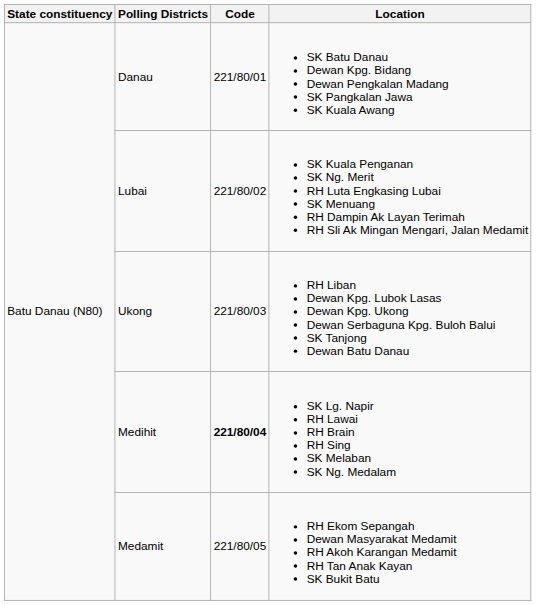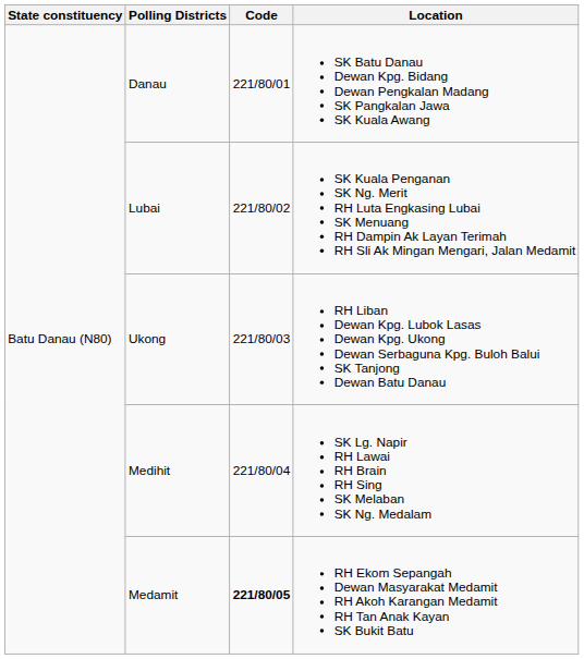 <table class="wikitable sortable mw-collapsible" style="white-space:nowrap;font-size:85%">
 <tr>
 <th>State constituency</th>
 <th>Polling Districts</th>
 <th>Code</th>
 <th>Location</th>
 </tr>
 <tr>
 <td rowspan="5">Batu Danau (N80)</td>
 <td>Danau</td>
 <td>221/80/01</td>
 <td><br><ul><li>SK Batu Danau</li><li>Dewan Kpg. Bidang</li><li>Dewan Pengkalan Madang</li><li>SK Pangkalan Jawa</li><li>SK Kuala Awang</li></ul></td>
 </tr>
 <tr>
 <td>Lubai</td>
 <td>221/80/02</td>
 <td><br><ul><li>SK Kuala Penganan</li><li>SK Ng. Merit</li><li>RH Luta Engkasing Lubai</li><li>SK Menuang</li><li>RH Dampin Ak Layan Terimah</li><li>RH Sli Ak Mingan Mengari, Jalan Medamit</li></ul></td>
 </tr>
 <tr>
 <td>Ukong</td>
 <td>221/80/03</td>
 <td><br><ul><li>RH Liban</li><li>Dewan Kpg. Lubok Lasas</li><li>Dewan Kpg. Ukong</li><li>Dewan Serbaguna Kpg. Buloh Balui</li><li>SK Tanjong</li><li>Dewan Batu Danau</li></ul></td>
 </tr>
 <tr>
 <td>Medihit</td>
-<td><strong>221/80/04</strong></td>
+<td>221/80/04</td>
 <td><br><ul><li>SK Lg. Napir</li><li>RH Lawai</li><li>RH Brain</li><li>RH Sing</li><li>SK Melaban</li><li>SK Ng. Medalam</li></ul></td>
 </tr>
 <tr>
 <td>Medamit</td>
-<td>221/80/05</td>
+<td><strong>221/80/05</strong></td>
 <td><br><ul><li>RH Ekom Sepangah</li><li>Dewan Masyarakat Medamit</li><li>RH Akoh Karangan Medamit</li><li>RH Tan Anak Kayan</li><li>SK Bukit Batu</li></ul></td>
 </tr>
 </table>
